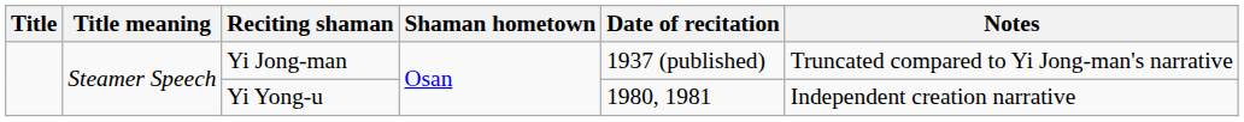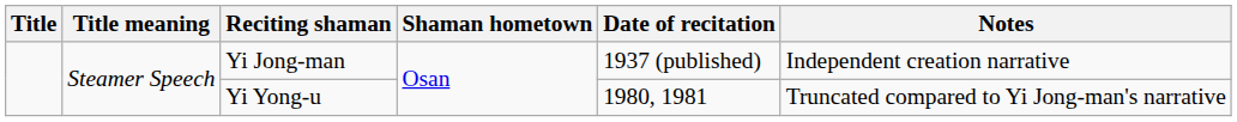 <table class="wikitable">
 <tr>
 <th>Title</th>
 <th>Title meaning</th>
 <th>Reciting shaman</th>
 <th>Shaman hometown</th>
 <th>Date of recitation</th>
 <th>Notes</th>
 </tr>
 <tr>
 <td rowspan="2"> </td>
 <td rowspan="2"><em>Steamer Speech</em></td>
 <td>Yi Jong-man</td>
 <td rowspan="2"><a href='#'>Osan</a></td>
 <td>1937 (published)</td>
-<td>Truncated compared to Yi Jong-man's narrative</td>
+<td>Independent creation narrative</td>
 </tr>
 <tr>
 <td>Yi Yong-u</td>
 <td>1980, 1981</td>
-<td>Independent creation narrative</td>
+<td>Truncated compared to Yi Jong-man's narrative</td>
 </tr>
 </table>
